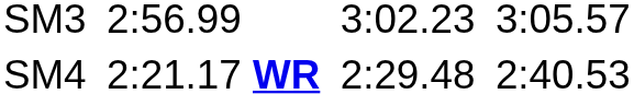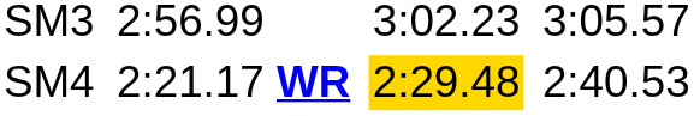 <table>
 <tr>
 <td>SM3 <br></td>
 <td></td>
 <td>2:56.99</td>
 <td></td>
 <td>3:02.23</td>
 <td></td>
 <td>3:05.57</td>
 </tr>
 <tr>
 <td>SM4 <br></td>
 <td></td>
 <td>2:21.17 <strong><a href='#'>WR</a></strong></td>
 <td></td>
-<td>2:29.48</td>
+<td style="background: gold;">2:29.48</td>
 <td></td>
 <td>2:40.53</td>
 </tr>
 </table>
